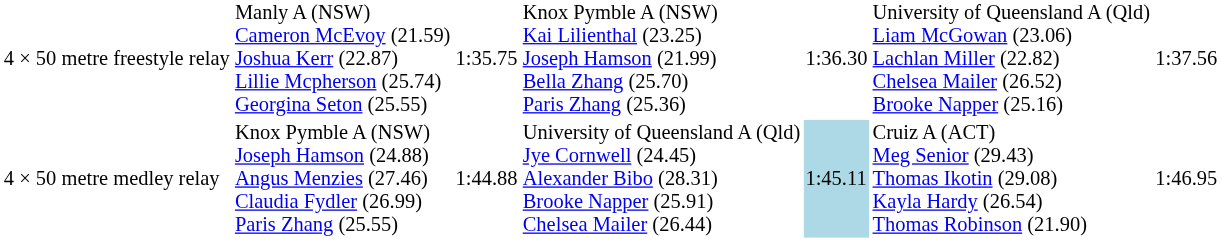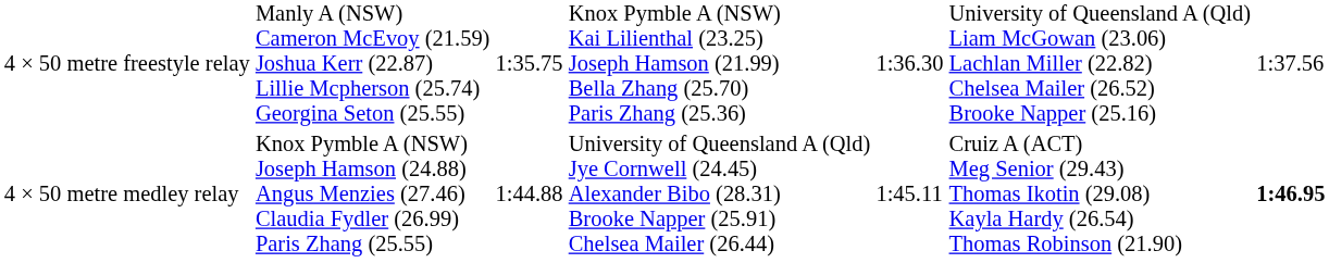 <table>
 <tr>
 <td>4 × 50 metre freestyle relay</td>
 <td>Manly A (NSW) <br> <a href='#'>Cameron McEvoy</a> (21.59) <br> <a href='#'>Joshua Kerr</a> (22.87) <br> <a href='#'>Lillie Mcpherson</a> (25.74) <br> <a href='#'>Georgina Seton</a> (25.55)</td>
 <td>1:35.75</td>
 <td>Knox Pymble A (NSW) <br> <a href='#'>Kai Lilienthal</a> (23.25) <br> <a href='#'>Joseph Hamson</a> (21.99) <br> <a href='#'>Bella Zhang</a> (25.70) <br> <a href='#'>Paris Zhang</a> (25.36)</td>
 <td>1:36.30</td>
 <td>University of Queensland A (Qld) <br> <a href='#'>Liam McGowan</a> (23.06) <br> <a href='#'>Lachlan Miller</a> (22.82) <br> <a href='#'>Chelsea Mailer</a> (26.52) <br> <a href='#'>Brooke Napper</a> (25.16)</td>
 <td>1:37.56</td>
 </tr>
 <tr>
 <td>4 × 50 metre medley relay</td>
 <td>Knox Pymble A (NSW) <br> <a href='#'>Joseph Hamson</a> (24.88) <br> <a href='#'>Angus Menzies</a> (27.46) <br> <a href='#'>Claudia Fydler</a> (26.99) <br> <a href='#'>Paris Zhang</a> (25.55)</td>
 <td>1:44.88</td>
 <td>University of Queensland A (Qld) <br> <a href='#'>Jye Cornwell</a> (24.45) <br> <a href='#'>Alexander Bibo</a> (28.31) <br> <a href='#'>Brooke Napper</a> (25.91) <br> <a href='#'>Chelsea Mailer</a> (26.44)</td>
-<td style="background: lightblue;">1:45.11</td>
+<td>1:45.11</td>
 <td>Cruiz A (ACT) <br> <a href='#'>Meg Senior</a> (29.43) <br> <a href='#'>Thomas Ikotin</a> (29.08) <br> <a href='#'>Kayla Hardy</a> (26.54) <br> <a href='#'>Thomas Robinson</a> (21.90)</td>
-<td>1:46.95</td>
+<td><strong>1:46.95</strong></td>
 </tr>
 </table>
